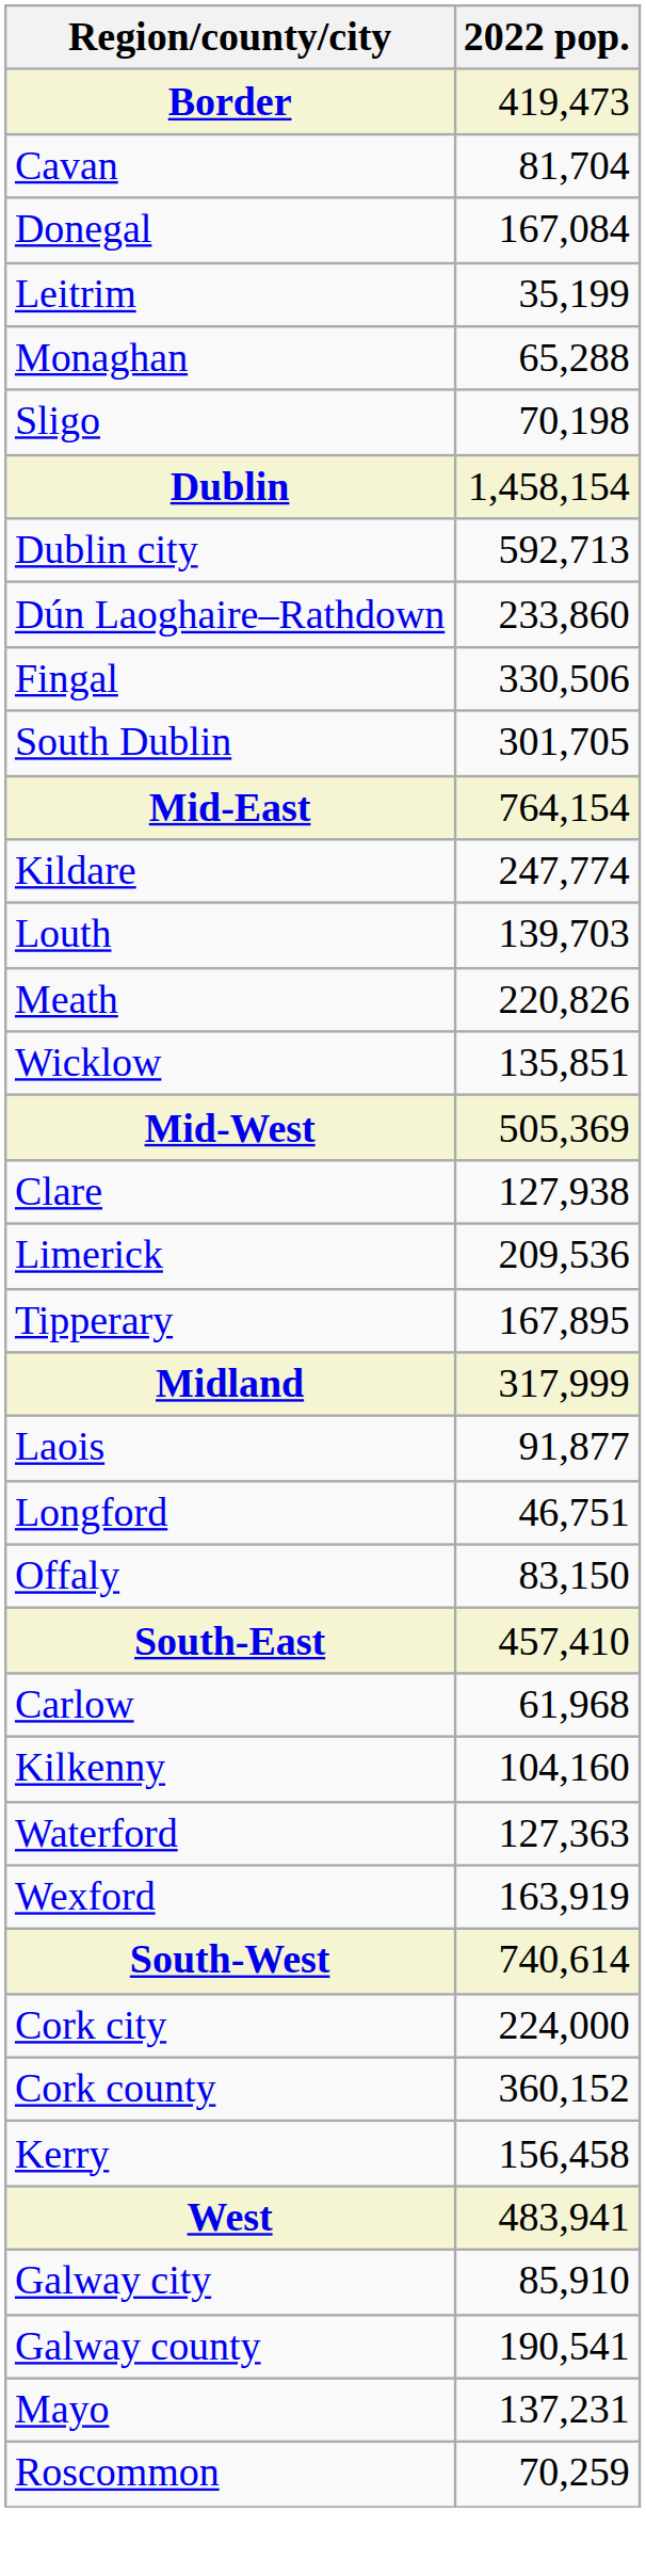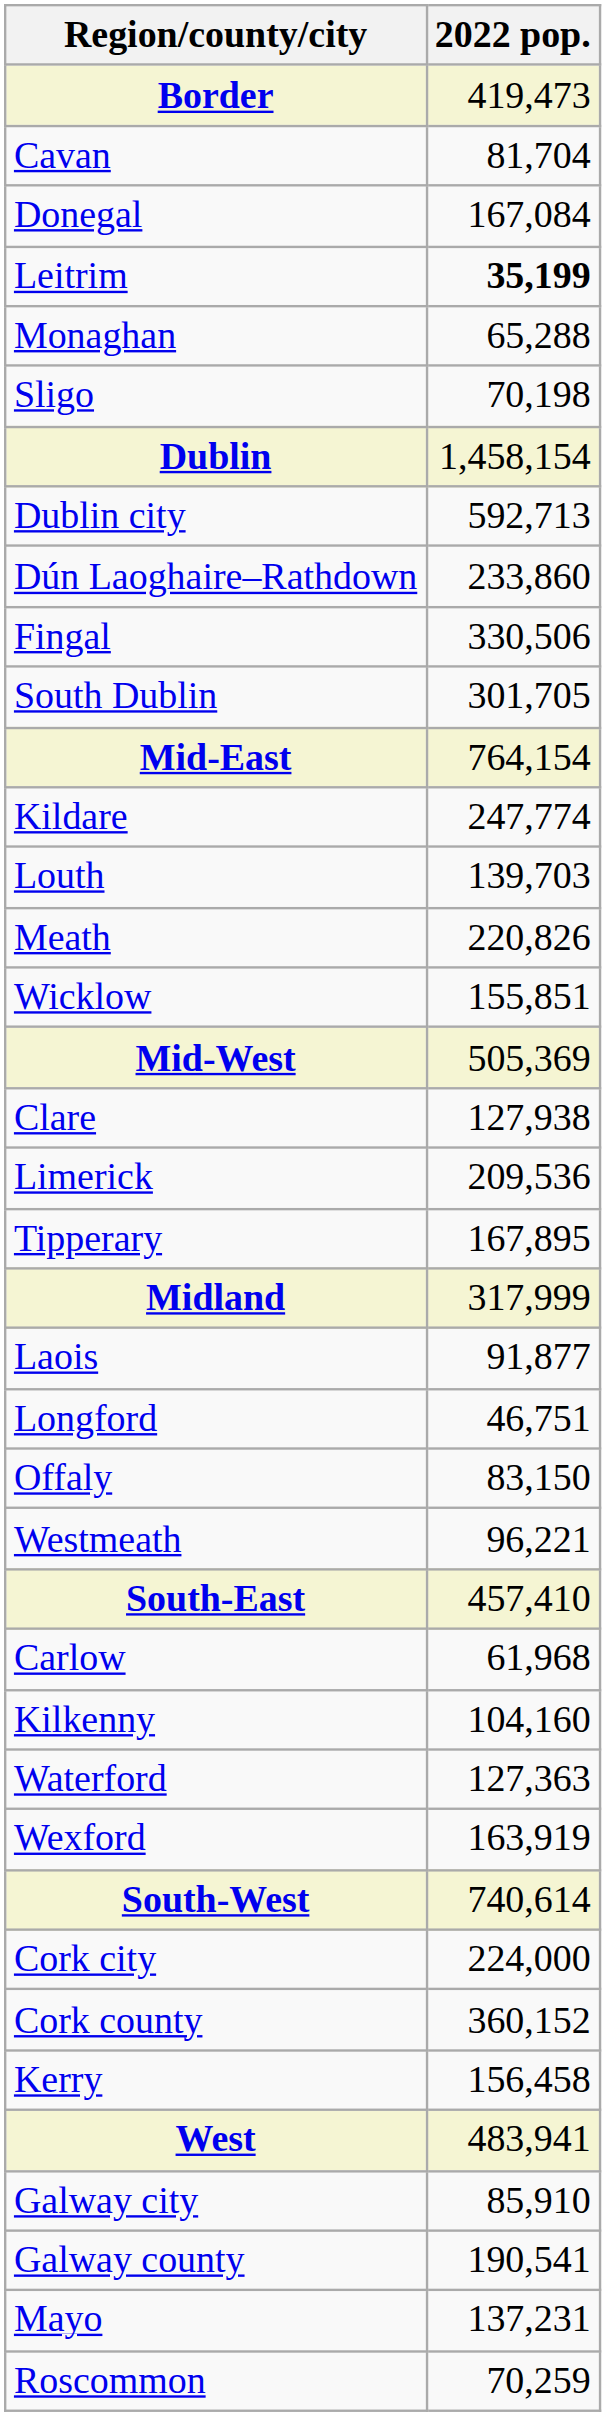 <table class="wikitable sortable" style="text-align:right;">
 <tr>
 <th scope="col">Region/county/city</th>
 <th scope="col">2022 pop.</th>
 </tr>
 <tr style="background:#f5f5d3;">
 <td style="text-align:center"><strong><a href='#'>Border</a></strong></td>
 <td>419,473</td>
 </tr>
 <tr>
 <td style="text-align:left"><a href='#'>Cavan</a></td>
 <td>81,704</td>
 </tr>
 <tr>
 <td style="text-align:left"><a href='#'>Donegal</a></td>
 <td>167,084</td>
 </tr>
 <tr>
 <td style="text-align:left"><a href='#'>Leitrim</a></td>
-<td>35,199</td>
+<td><strong>35,199</strong></td>
 </tr>
 <tr>
 <td style="text-align:left"><a href='#'>Monaghan</a></td>
 <td>65,288</td>
 </tr>
 <tr>
 <td style="text-align:left"><a href='#'>Sligo</a></td>
 <td>70,198</td>
 </tr>
 <tr style="background:#f5f5d3;">
 <td style="text-align:center"><strong><a href='#'>Dublin</a></strong></td>
 <td>1,458,154</td>
 </tr>
 <tr>
 <td style="text-align:left"><a href='#'>Dublin city</a></td>
 <td>592,713</td>
 </tr>
 <tr>
 <td style="text-align:left"><a href='#'>Dún Laoghaire–Rathdown</a></td>
 <td>233,860</td>
 </tr>
 <tr>
 <td style="text-align:left"><a href='#'>Fingal</a></td>
 <td>330,506</td>
 </tr>
 <tr>
 <td style="text-align:left"><a href='#'>South Dublin</a></td>
 <td>301,705</td>
 </tr>
 <tr style="background:#f5f5d3;">
 <td style="text-align:center"><strong><a href='#'>Mid-East</a></strong></td>
 <td>764,154</td>
 </tr>
 <tr>
 <td style="text-align:left"><a href='#'>Kildare</a></td>
 <td>247,774</td>
 </tr>
 <tr>
 <td style="text-align:left"><a href='#'>Louth</a></td>
 <td>139,703</td>
 </tr>
 <tr>
 <td style="text-align:left"><a href='#'>Meath</a></td>
 <td>220,826</td>
 </tr>
 <tr>
 <td style="text-align:left"><a href='#'>Wicklow</a></td>
-<td>135,851</td>
+<td>155,851</td>
 </tr>
 <tr style="background:#f5f5d3;">
 <td style="text-align:center"><strong><a href='#'>Mid-West</a></strong></td>
 <td>505,369</td>
 </tr>
 <tr>
 <td style="text-align:left"><a href='#'>Clare</a></td>
 <td>127,938</td>
 </tr>
 <tr>
 <td style="text-align:left"><a href='#'>Limerick</a></td>
 <td>209,536</td>
 </tr>
 <tr>
 <td style="text-align:left"><a href='#'>Tipperary</a></td>
 <td>167,895</td>
 </tr>
 <tr style="background:#f5f5d3;">
 <td style="text-align:center"><strong><a href='#'>Midland</a></strong></td>
 <td>317,999</td>
 </tr>
 <tr>
 <td style="text-align:left"><a href='#'>Laois</a></td>
 <td>91,877</td>
 </tr>
 <tr>
 <td style="text-align:left"><a href='#'>Longford</a></td>
 <td>46,751</td>
 </tr>
 <tr>
 <td style="text-align:left"><a href='#'>Offaly</a></td>
 <td>83,150</td>
+</tr>
+<tr>
+<td style="text-align:left"><a href='#'>Westmeath</a></td>
+<td>96,221</td>
 </tr>
 <tr style="background:#f5f5d3;">
 <td style="text-align:center"><strong><a href='#'>South-East</a></strong></td>
 <td>457,410</td>
 </tr>
 <tr>
 <td style="text-align:left"><a href='#'>Carlow</a></td>
 <td>61,968</td>
 </tr>
 <tr>
 <td style="text-align:left"><a href='#'>Kilkenny</a></td>
 <td>104,160</td>
 </tr>
 <tr>
 <td style="text-align:left"><a href='#'>Waterford</a></td>
 <td>127,363</td>
 </tr>
 <tr>
 <td style="text-align:left"><a href='#'>Wexford</a></td>
 <td>163,919</td>
 </tr>
 <tr style="background:#f5f5d3;">
 <td style="text-align:center"><strong><a href='#'>South-West</a></strong></td>
 <td>740,614</td>
 </tr>
 <tr>
 <td style="text-align:left"><a href='#'>Cork city</a></td>
 <td>224,000</td>
 </tr>
 <tr>
 <td style="text-align:left"><a href='#'>Cork county</a></td>
 <td>360,152</td>
 </tr>
 <tr>
 <td style="text-align:left"><a href='#'>Kerry</a></td>
 <td>156,458</td>
 </tr>
 <tr style="background:#f5f5d3;">
 <td style="text-align:center"><strong><a href='#'>West</a></strong></td>
 <td>483,941</td>
 </tr>
 <tr>
 <td style="text-align:left"><a href='#'>Galway city</a></td>
 <td>85,910</td>
 </tr>
 <tr>
 <td style="text-align:left"><a href='#'>Galway county</a></td>
 <td>190,541</td>
 </tr>
 <tr>
 <td style="text-align:left"><a href='#'>Mayo</a></td>
 <td>137,231</td>
 </tr>
 <tr>
 <td style="text-align:left"><a href='#'>Roscommon</a></td>
 <td>70,259</td>
 </tr>
 </table>
